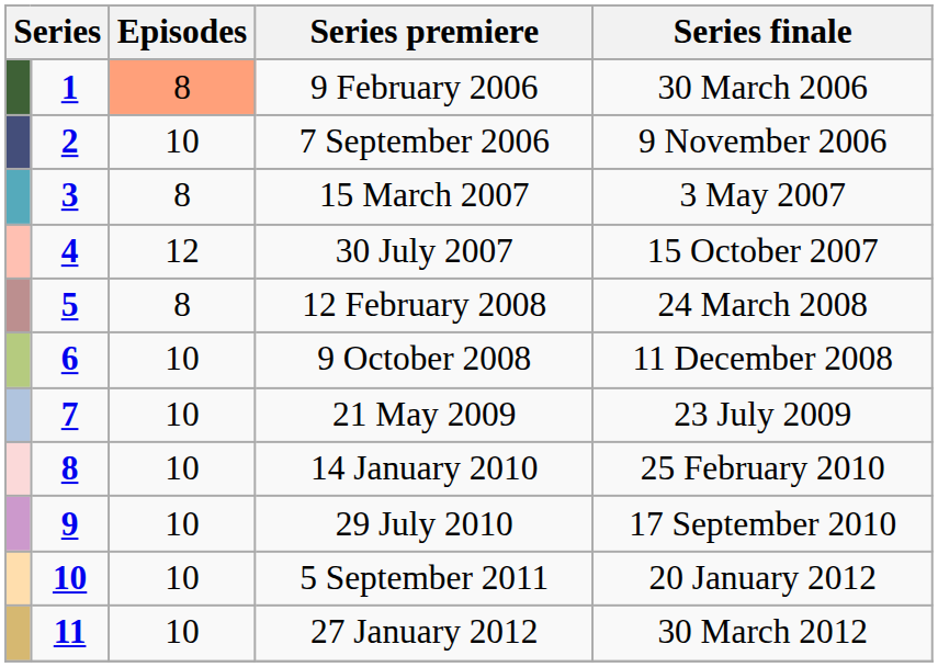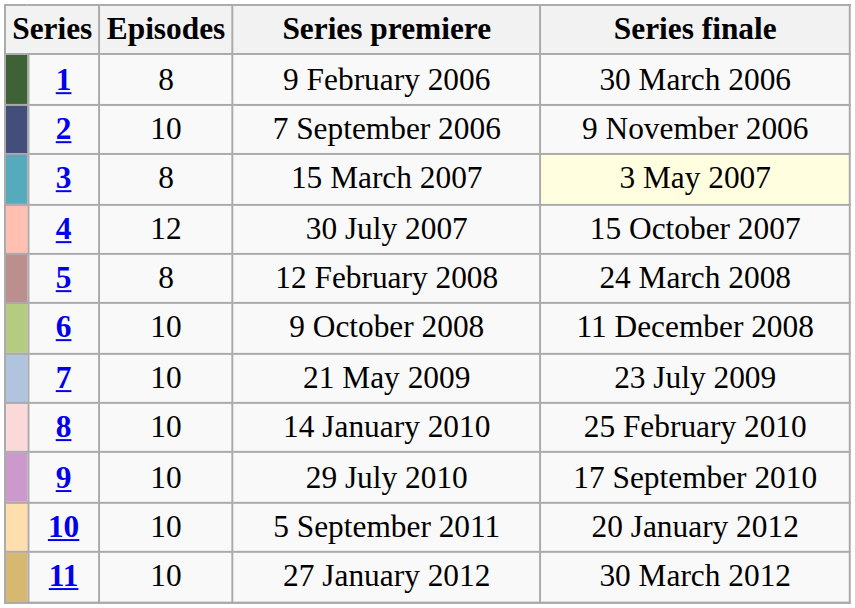 <table class="wikitable">
 <tr>
 <th colspan="2">Series</th>
 <th>Episodes</th>
 <th>Series premiere</th>
 <th>Series finale</th>
 </tr>
 <tr>
 <td bgcolor="3E6136" height="10px"></td>
 <td align="center"><strong><a href='#'>1</a></strong></td>
-<td align="center" style="background: lightsalmon;">8</td>
+<td align="center">8</td>
 <td align="center" width="150">9 February 2006</td>
 <td align="center" width="150">30 March 2006</td>
 </tr>
 <tr>
 <td bgcolor="444E7A" height="10px"></td>
 <td align="center"><strong><a href='#'>2</a></strong></td>
 <td align="center">10</td>
 <td align="center" width="150">7 September 2006</td>
 <td align="center" width="150">9 November 2006</td>
 </tr>
 <tr>
 <td bgcolor="55AABB" height="10px"></td>
 <td align="center"><strong><a href='#'>3</a></strong></td>
 <td align="center">8</td>
 <td align="center" width="150">15 March 2007</td>
-<td align="center" width="150">3 May 2007</td>
+<td align="center" width="150" style="background: lightyellow;">3 May 2007</td>
 </tr>
 <tr>
 <td bgcolor="ffC0B2" height="10px"></td>
 <td align="center"><strong><a href='#'>4</a></strong></td>
 <td align="center">12</td>
 <td align="center" width="150">30 July 2007</td>
 <td align="center" width="150">15 October 2007</td>
 </tr>
 <tr>
 <td bgcolor="bc8f8f" height="10px"></td>
 <td align="center"><strong><a href='#'>5</a></strong></td>
 <td align="center">8</td>
 <td align="center" width="150">12 February 2008</td>
 <td align="center" width="150">24 March 2008</td>
 </tr>
 <tr>
 <td bgcolor="B5CB7F" height="10px"></td>
 <td align="center"><strong><a href='#'>6</a></strong></td>
 <td align="center">10</td>
 <td align="center" width="150">9 October 2008</td>
 <td align="center" width="150">11 December 2008</td>
 </tr>
 <tr>
 <td bgcolor="b0c4de" height="10px"></td>
 <td align="center"><strong><a href='#'>7</a></strong></td>
 <td align="center">10</td>
 <td align="center" width="150">21 May 2009</td>
 <td align="center" width="150">23 July 2009</td>
 </tr>
 <tr>
 <td bgcolor="fbd9d9" height="10px"></td>
 <td align="center"><strong><a href='#'>8</a></strong></td>
 <td align="center">10</td>
 <td align="center" width="150">14 January 2010</td>
 <td align="center" width="150">25 February 2010</td>
 </tr>
 <tr>
 <td bgcolor="#c9c" height="10px"></td>
 <td align="center"><strong><a href='#'>9</a></strong></td>
 <td align="center">10</td>
 <td align="center" width="150">29 July 2010</td>
 <td align="center" width="150">17 September 2010</td>
 </tr>
 <tr>
 <td bgcolor="#ffdead" height="10px"></td>
 <td align="center"><strong><a href='#'>10</a></strong></td>
 <td align="center">10</td>
 <td align="center" width="150">5 September 2011</td>
 <td align="center" width="150">20 January 2012</td>
 </tr>
 <tr>
 <td bgcolor="#D6B871" height="10px"></td>
 <td align="center"><strong><a href='#'>11</a></strong></td>
 <td align="center">10</td>
 <td align="center" width="150">27 January 2012</td>
 <td align="center" width="150">30 March 2012</td>
 </tr>
 <tr>
 </tr>
 </table>
